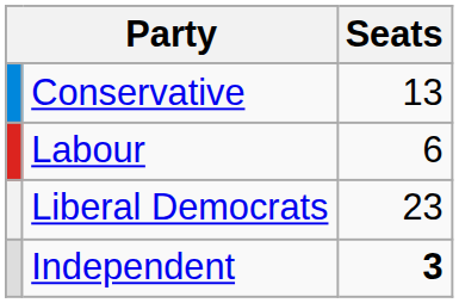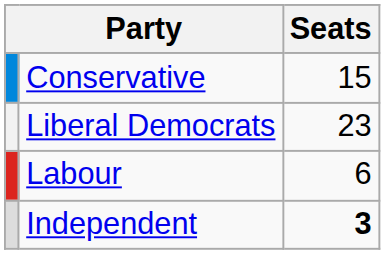 <table class="wikitable">
 <tr>
 <th colspan=2>Party</th>
 <th>Seats</th>
 </tr>
 <tr>
 <th style="background-color: #0087DC"></th>
 <td><a href='#'>Conservative</a></td>
-<td align=right>13</td>
+<td align=right>15</td>
+</tr>
+<tr>
+<th style="background-color: "></th>
+<td><a href='#'>Liberal Democrats</a></td>
+<td align=right>23</td>
 </tr>
 <tr>
 <th style="background-color: #DC241f"></th>
 <td><a href='#'>Labour</a></td>
 <td align=right>6</td>
 </tr>
 <tr>
-<th style="background-color: "></th>
-<td><a href='#'>Liberal Democrats</a></td>
-<td align=right>23</td>
-</tr>
-<tr>
 <th style="background-color: #DDDDDD"></th>
 <td><a href='#'>Independent</a></td>
 <td align=right><strong>3</strong></td>
 </tr>
 </table>
